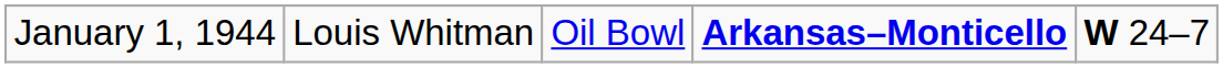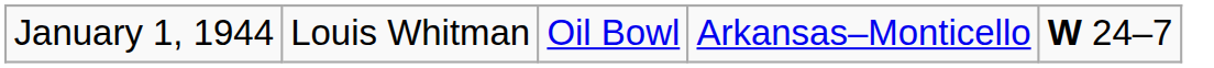 <table class="wikitable">
 <tr>
 </tr>
 <tr>
 <td>January 1, 1944</td>
 <td>Louis Whitman</td>
 <td><a href='#'>Oil Bowl</a></td>
-<td><strong><a href='#'>Arkansas–Monticello</a></strong></td>
+<td><a href='#'>Arkansas–Monticello</a></td>
 <td><strong>W</strong> 24–7</td>
 </tr>
 </table>
